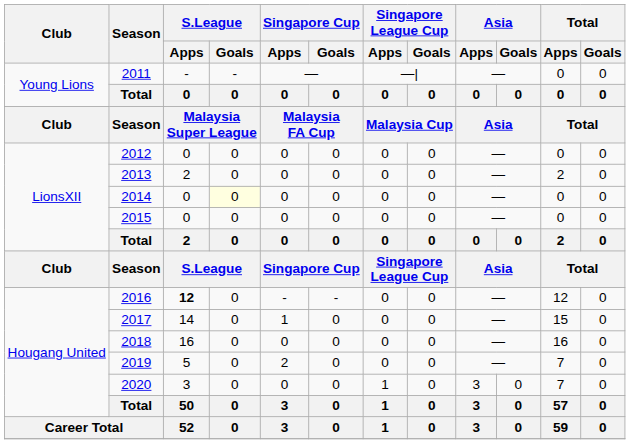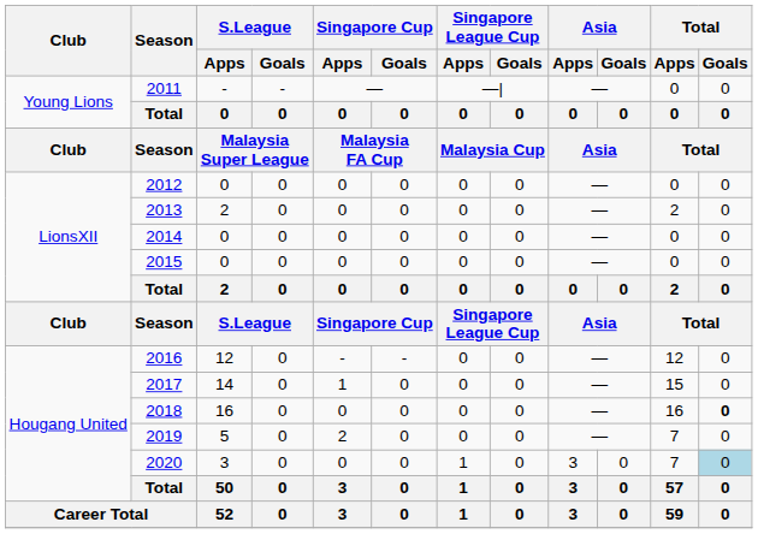 <table class="wikitable" style="text-align:center">
 <tr>
 <th rowspan="2">Club</th>
 <th rowspan="2">Season</th>
 <th colspan="2"><a href='#'>S.League</a></th>
 <th colspan="2"><a href='#'>Singapore Cup</a></th>
 <th colspan="2"><a href='#'>Singapore<br>League Cup</a></th>
 <th colspan="2"><a href='#'>Asia</a></th>
 <th colspan="2">Total</th>
 </tr>
 <tr>
 <th>Apps</th>
 <th>Goals</th>
 <th>Apps</th>
 <th>Goals</th>
 <th>Apps</th>
 <th>Goals</th>
 <th>Apps</th>
 <th>Goals</th>
 <th>Apps</th>
 <th>Goals</th>
 </tr>
 <tr>
 <td rowspan="2"><a href='#'>Young Lions</a></td>
 <td><a href='#'>2011</a></td>
 <td>-</td>
 <td>-</td>
 <td colspan='2'>—</td>
 <td colspan='2'>—|</td>
 <td colspan='2'>—</td>
 <td>0</td>
 <td>0</td>
 </tr>
 <tr>
 <th>Total</th>
 <th>0</th>
 <th>0</th>
 <th>0</th>
 <th>0</th>
 <th>0</th>
 <th>0</th>
 <th>0</th>
 <th>0</th>
 <th>0</th>
 <th>0</th>
 </tr>
 <tr>
 <th>Club</th>
 <th>Season</th>
 <th colspan="2"><a href='#'>Malaysia<br>Super League</a></th>
 <th colspan="2"><a href='#'>Malaysia<br>FA Cup</a></th>
 <th colspan="2"><a href='#'>Malaysia Cup</a></th>
 <th colspan="2"><a href='#'>Asia</a></th>
 <th colspan="2">Total</th>
 </tr>
 <tr>
 <td rowspan="5"><a href='#'>LionsXII</a></td>
 <td><a href='#'>2012</a></td>
 <td>0</td>
 <td>0</td>
 <td>0</td>
 <td>0</td>
 <td>0</td>
 <td>0</td>
 <td colspan='2'>—</td>
 <td>0</td>
 <td>0</td>
 </tr>
 <tr>
 <td><a href='#'>2013</a></td>
 <td>2</td>
 <td>0</td>
 <td>0</td>
 <td>0</td>
 <td>0</td>
 <td>0</td>
 <td colspan='2'>—</td>
 <td>2</td>
 <td>0</td>
 </tr>
 <tr>
 <td><a href='#'>2014</a></td>
 <td>0</td>
-<td style="background: lightyellow;">0</td>
+<td>0</td>
 <td>0</td>
 <td>0</td>
 <td>0</td>
 <td>0</td>
 <td colspan='2'>—</td>
 <td>0</td>
 <td>0</td>
 </tr>
 <tr>
 <td><a href='#'>2015</a></td>
 <td>0</td>
 <td>0</td>
 <td>0</td>
 <td>0</td>
 <td>0</td>
 <td>0</td>
 <td colspan='2'>—</td>
 <td>0</td>
 <td>0</td>
 </tr>
 <tr>
 <th>Total</th>
 <th>2</th>
 <th>0</th>
 <th>0</th>
 <th>0</th>
 <th>0</th>
 <th>0</th>
 <th>0</th>
 <th>0</th>
 <th>2</th>
 <th>0</th>
 </tr>
 <tr>
 <th rowspan="1">Club</th>
 <th rowspan="1">Season</th>
 <th colspan="2"><a href='#'>S.League</a></th>
 <th colspan="2"><a href='#'>Singapore Cup</a></th>
 <th colspan="2"><a href='#'>Singapore<br>League Cup</a></th>
 <th colspan="2"><a href='#'>Asia</a></th>
 <th colspan="2">Total</th>
 </tr>
 <tr>
 <td rowspan="6"><a href='#'>Hougang United</a></td>
 <td><a href='#'>2016</a></td>
-<td><strong>12</strong></td>
+<td>12</td>
 <td>0</td>
 <td>-</td>
 <td>-</td>
 <td>0</td>
 <td>0</td>
 <td colspan="2">—</td>
 <td>12</td>
 <td>0</td>
 </tr>
 <tr>
 <td><a href='#'>2017</a></td>
 <td>14</td>
 <td>0</td>
 <td>1</td>
 <td>0</td>
 <td>0</td>
 <td>0</td>
 <td colspan='2'>—</td>
 <td>15</td>
 <td>0</td>
 </tr>
 <tr>
 <td><a href='#'>2018</a></td>
 <td>16</td>
 <td>0</td>
 <td>0</td>
 <td>0</td>
 <td>0</td>
 <td>0</td>
 <td colspan='2'>—</td>
 <td>16</td>
-<td>0</td>
+<td><strong>0</strong></td>
 </tr>
 <tr>
 <td><a href='#'>2019</a></td>
 <td>5</td>
 <td>0</td>
 <td>2</td>
 <td>0</td>
 <td>0</td>
 <td>0</td>
 <td colspan='2'>—</td>
 <td>7</td>
 <td>0</td>
 </tr>
 <tr>
 <td><a href='#'>2020</a></td>
 <td>3</td>
 <td>0</td>
 <td>0</td>
 <td>0</td>
 <td>1</td>
 <td>0</td>
 <td>3</td>
 <td>0</td>
 <td>7</td>
-<td>0</td>
+<td style="background: lightblue;">0</td>
 </tr>
 <tr>
 <th>Total</th>
 <th>50</th>
 <th>0</th>
 <th>3</th>
 <th>0</th>
 <th>1</th>
 <th>0</th>
 <th>3</th>
 <th>0</th>
 <th>57</th>
 <th>0</th>
 </tr>
 <tr>
 <th colspan="2">Career Total</th>
 <th>52</th>
 <th>0</th>
 <th>3</th>
 <th>0</th>
 <th>1</th>
 <th>0</th>
 <th>3</th>
 <th>0</th>
 <th>59</th>
 <th>0</th>
 </tr>
 <tr>
 </tr>
 </table>
